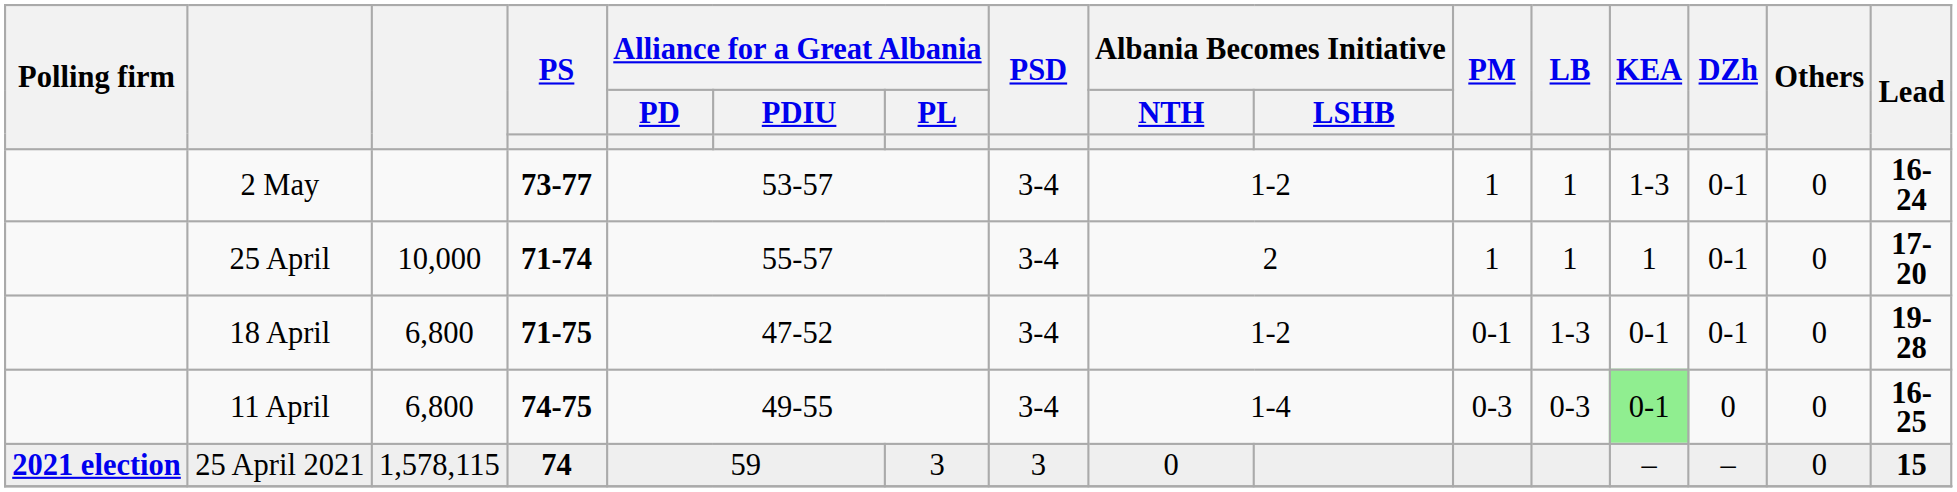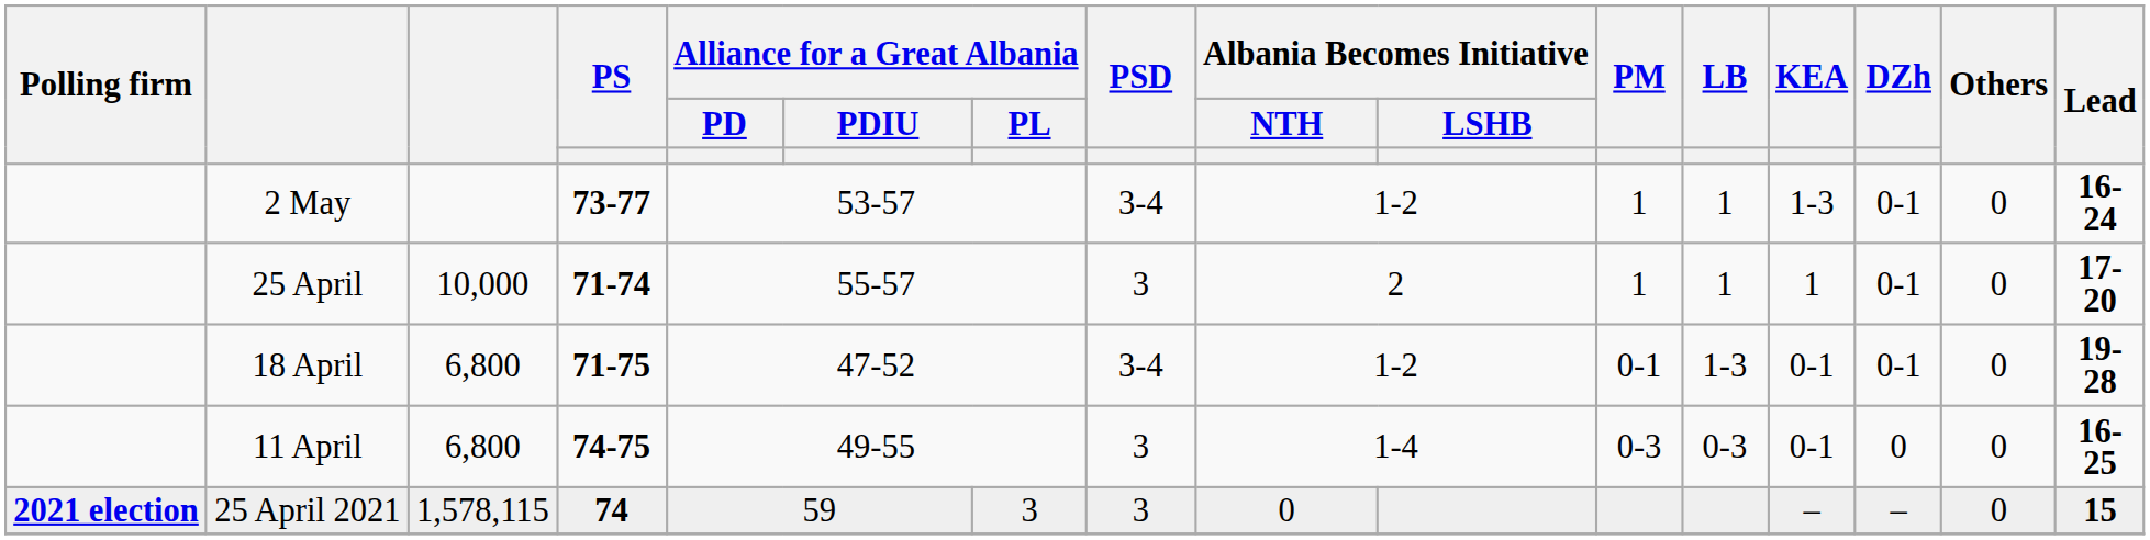 <table class="wikitable sortable tpl-blanktablele" style="text-align:center;font-size:90%;line-height:14px;">
 <tr style="height:40px;">
 <th rowspan="3">Polling firm</th>
 <th rowspan="3"></th>
 <th rowspan="3"></th>
 <th class="unsortable" style="width:40px;" rowspan=2><a href='#'>PS</a></th>
 <th colspan=3><a href='#'>Alliance for a Great Albania</a></th>
 <th class="unsortable" style="width:40px;" rowspan=2><a href='#'>PSD</a></th>
 <th colspan=2>Albania Becomes Initiative</th>
 <th rowspan="2" class="unsortable" style="width:30px;"><a href='#'>PM</a></th>
 <th rowspan="2" class="unsortable" style="width:30px;"><a href='#'>LB</a></th>
 <th class="unsortable" style="width:30px;"  rowspan=2><a href='#'>KEA</a></th>
 <th class="unsortable" style="width:30px;"  rowspan=2><a href='#'>DZh</a></th>
 <th class="unsortable" style="width:30px;"  rowspan=3>Others</th>
 <th style="width:30px;" rowspan=3><br>Lead</th>
 </tr>
 <tr>
 <th><a href='#'>PD</a></th>
 <th><a href='#'>PDIU</a></th>
 <th><a href='#'>PL</a></th>
 <th><a href='#'>NTH</a></th>
 <th><a href='#'>LSHB</a></th>
 </tr>
 <tr>
 <th style="background:"></th>
 <th style="background:"></th>
 <th style="background:"></th>
 <th style="background:"></th>
 <th style="background:"></th>
 <th style="background:"></th>
 <th style="background:"></th>
 <th style="background:"></th>
 <th style="background:"></th>
 <th style="background:"></th>
 <th style="background:"></th>
 </tr>
 <tr>
 <td></td>
 <td>2 May</td>
 <td></td>
 <td><strong>73-77</strong></td>
 <td colspan="3">53-57</td>
 <td>3-4</td>
 <td colspan="2">1-2</td>
 <td>1</td>
 <td>1</td>
 <td>1-3</td>
 <td>0-1</td>
 <td>0</td>
 <td style="background:"><strong>16-24</strong></td>
 </tr>
 <tr>
 <td></td>
 <td>25 April</td>
 <td>10,000</td>
 <td><strong>71-74</strong></td>
 <td colspan="3">55-57</td>
-<td>3-4</td>
+<td>3</td>
 <td colspan="2">2</td>
 <td>1</td>
 <td>1</td>
 <td>1</td>
 <td>0-1</td>
 <td>0</td>
 <td style="background:"><strong>17-20</strong></td>
 </tr>
 <tr>
 <td></td>
 <td>18 April</td>
 <td>6,800</td>
 <td><strong>71-75</strong></td>
 <td colspan="3">47-52</td>
 <td>3-4</td>
 <td colspan="2">1-2</td>
 <td>0-1</td>
 <td>1-3</td>
 <td>0-1</td>
 <td>0-1</td>
 <td>0</td>
 <td style="background:"><strong>19-28</strong></td>
 </tr>
 <tr>
 <td></td>
 <td>11 April</td>
 <td>6,800</td>
 <td><strong>74-75</strong></td>
 <td colspan="3">49-55</td>
-<td>3-4</td>
+<td>3</td>
 <td colspan="2">1-4</td>
 <td>0-3</td>
 <td>0-3</td>
-<td style="background: lightgreen;">0-1</td>
+<td>0-1</td>
 <td>0</td>
 <td>0</td>
 <td style="background:"><strong>16-25</strong></td>
 </tr>
 <tr style="background:#EFEFEF">
 <td><strong><a href='#'>2021 election</a></strong></td>
 <td>25 April 2021</td>
 <td>1,578,115</td>
 <td><strong>74</strong></td>
 <td colspan="2">59</td>
 <td>3</td>
 <td>3</td>
 <td>0</td>
 <td></td>
 <td></td>
 <td></td>
 <td>–</td>
 <td>–</td>
 <td>0</td>
 <td style="background:"><strong>15</strong></td>
 </tr>
 <tr>
 </tr>
 </table>
